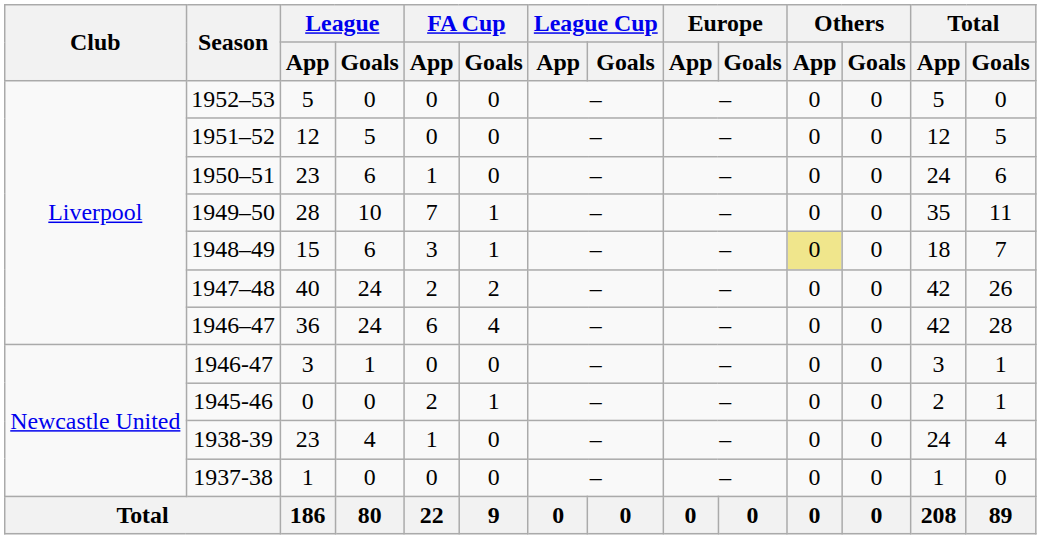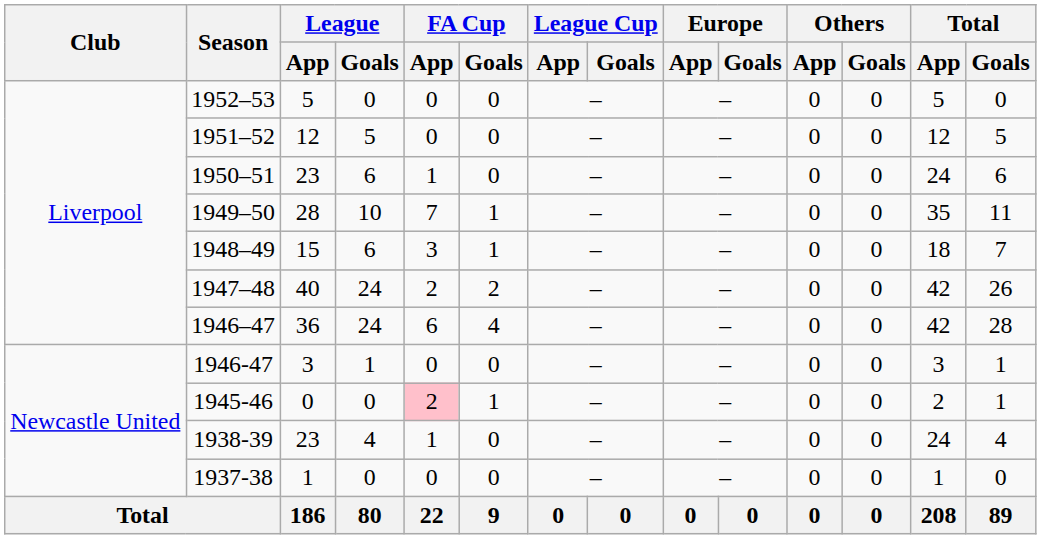 <table class="wikitable" style="text-align:center">
 <tr>
 <th rowspan="2">Club</th>
 <th rowspan="2">Season</th>
 <th colspan="2"><a href='#'>League</a></th>
 <th colspan="2"><a href='#'>FA Cup</a></th>
 <th colspan="2"><a href='#'>League Cup</a></th>
 <th colspan="2">Europe</th>
 <th colspan="2">Others</th>
 <th colspan="2">Total</th>
 </tr>
 <tr>
 <th>App</th>
 <th>Goals</th>
 <th>App</th>
 <th>Goals</th>
 <th>App</th>
 <th>Goals</th>
 <th>App</th>
 <th>Goals</th>
 <th>App</th>
 <th>Goals</th>
 <th>App</th>
 <th>Goals</th>
 </tr>
 <tr>
 <td rowspan="7"><a href='#'>Liverpool</a></td>
 <td>1952–53</td>
 <td>5</td>
 <td>0</td>
 <td>0</td>
 <td>0</td>
 <td colspan="2">–</td>
 <td colspan="2">–</td>
 <td>0</td>
 <td>0</td>
 <td>5</td>
 <td>0</td>
 </tr>
 <tr>
 <td>1951–52</td>
 <td>12</td>
 <td>5</td>
 <td>0</td>
 <td>0</td>
 <td colspan="2">–</td>
 <td colspan="2">–</td>
 <td>0</td>
 <td>0</td>
 <td>12</td>
 <td>5</td>
 </tr>
 <tr>
 <td>1950–51</td>
 <td>23</td>
 <td>6</td>
 <td>1</td>
 <td>0</td>
 <td colspan="2">–</td>
 <td colspan="2">–</td>
 <td>0</td>
 <td>0</td>
 <td>24</td>
 <td>6</td>
 </tr>
 <tr>
 <td>1949–50</td>
 <td>28</td>
 <td>10</td>
 <td>7</td>
 <td>1</td>
 <td colspan="2">–</td>
 <td colspan="2">–</td>
 <td>0</td>
 <td>0</td>
 <td>35</td>
 <td>11</td>
 </tr>
 <tr>
 <td>1948–49</td>
 <td>15</td>
 <td>6</td>
 <td>3</td>
 <td>1</td>
 <td colspan="2">–</td>
 <td colspan="2">–</td>
-<td style="background: khaki;">0</td>
+<td>0</td>
 <td>0</td>
 <td>18</td>
 <td>7</td>
 </tr>
 <tr>
 <td>1947–48</td>
 <td>40</td>
 <td>24</td>
 <td>2</td>
 <td>2</td>
 <td colspan="2">–</td>
 <td colspan="2">–</td>
 <td>0</td>
 <td>0</td>
 <td>42</td>
 <td>26</td>
 </tr>
 <tr>
 <td>1946–47</td>
 <td>36</td>
 <td>24</td>
 <td>6</td>
 <td>4</td>
 <td colspan="2">–</td>
 <td colspan="2">–</td>
 <td>0</td>
 <td>0</td>
 <td>42</td>
 <td>28</td>
 </tr>
 <tr>
 <td rowspan="4"><a href='#'>Newcastle United</a></td>
 <td>1946-47</td>
 <td>3</td>
 <td>1</td>
 <td>0</td>
 <td>0</td>
 <td colspan="2">–</td>
 <td colspan="2">–</td>
 <td>0</td>
 <td>0</td>
 <td>3</td>
 <td>1</td>
 </tr>
 <tr>
 <td>1945-46</td>
 <td>0</td>
 <td>0</td>
-<td>2</td>
+<td style="background: pink;">2</td>
 <td>1</td>
 <td colspan="2">–</td>
 <td colspan="2">–</td>
 <td>0</td>
 <td>0</td>
 <td>2</td>
 <td>1</td>
 </tr>
 <tr>
 <td>1938-39</td>
 <td>23</td>
 <td>4</td>
 <td>1</td>
 <td>0</td>
 <td colspan="2">–</td>
 <td colspan="2">–</td>
 <td>0</td>
 <td>0</td>
 <td>24</td>
 <td>4</td>
 </tr>
 <tr>
 <td>1937-38</td>
 <td>1</td>
 <td>0</td>
 <td>0</td>
 <td>0</td>
 <td colspan="2">–</td>
 <td colspan="2">–</td>
 <td>0</td>
 <td>0</td>
 <td>1</td>
 <td>0</td>
 </tr>
 <tr>
 <th colspan="2">Total</th>
 <th>186</th>
 <th>80</th>
 <th>22</th>
 <th>9</th>
 <th>0</th>
 <th>0</th>
 <th>0</th>
 <th>0</th>
 <th>0</th>
 <th>0</th>
 <th>208</th>
 <th>89</th>
 </tr>
 </table>
